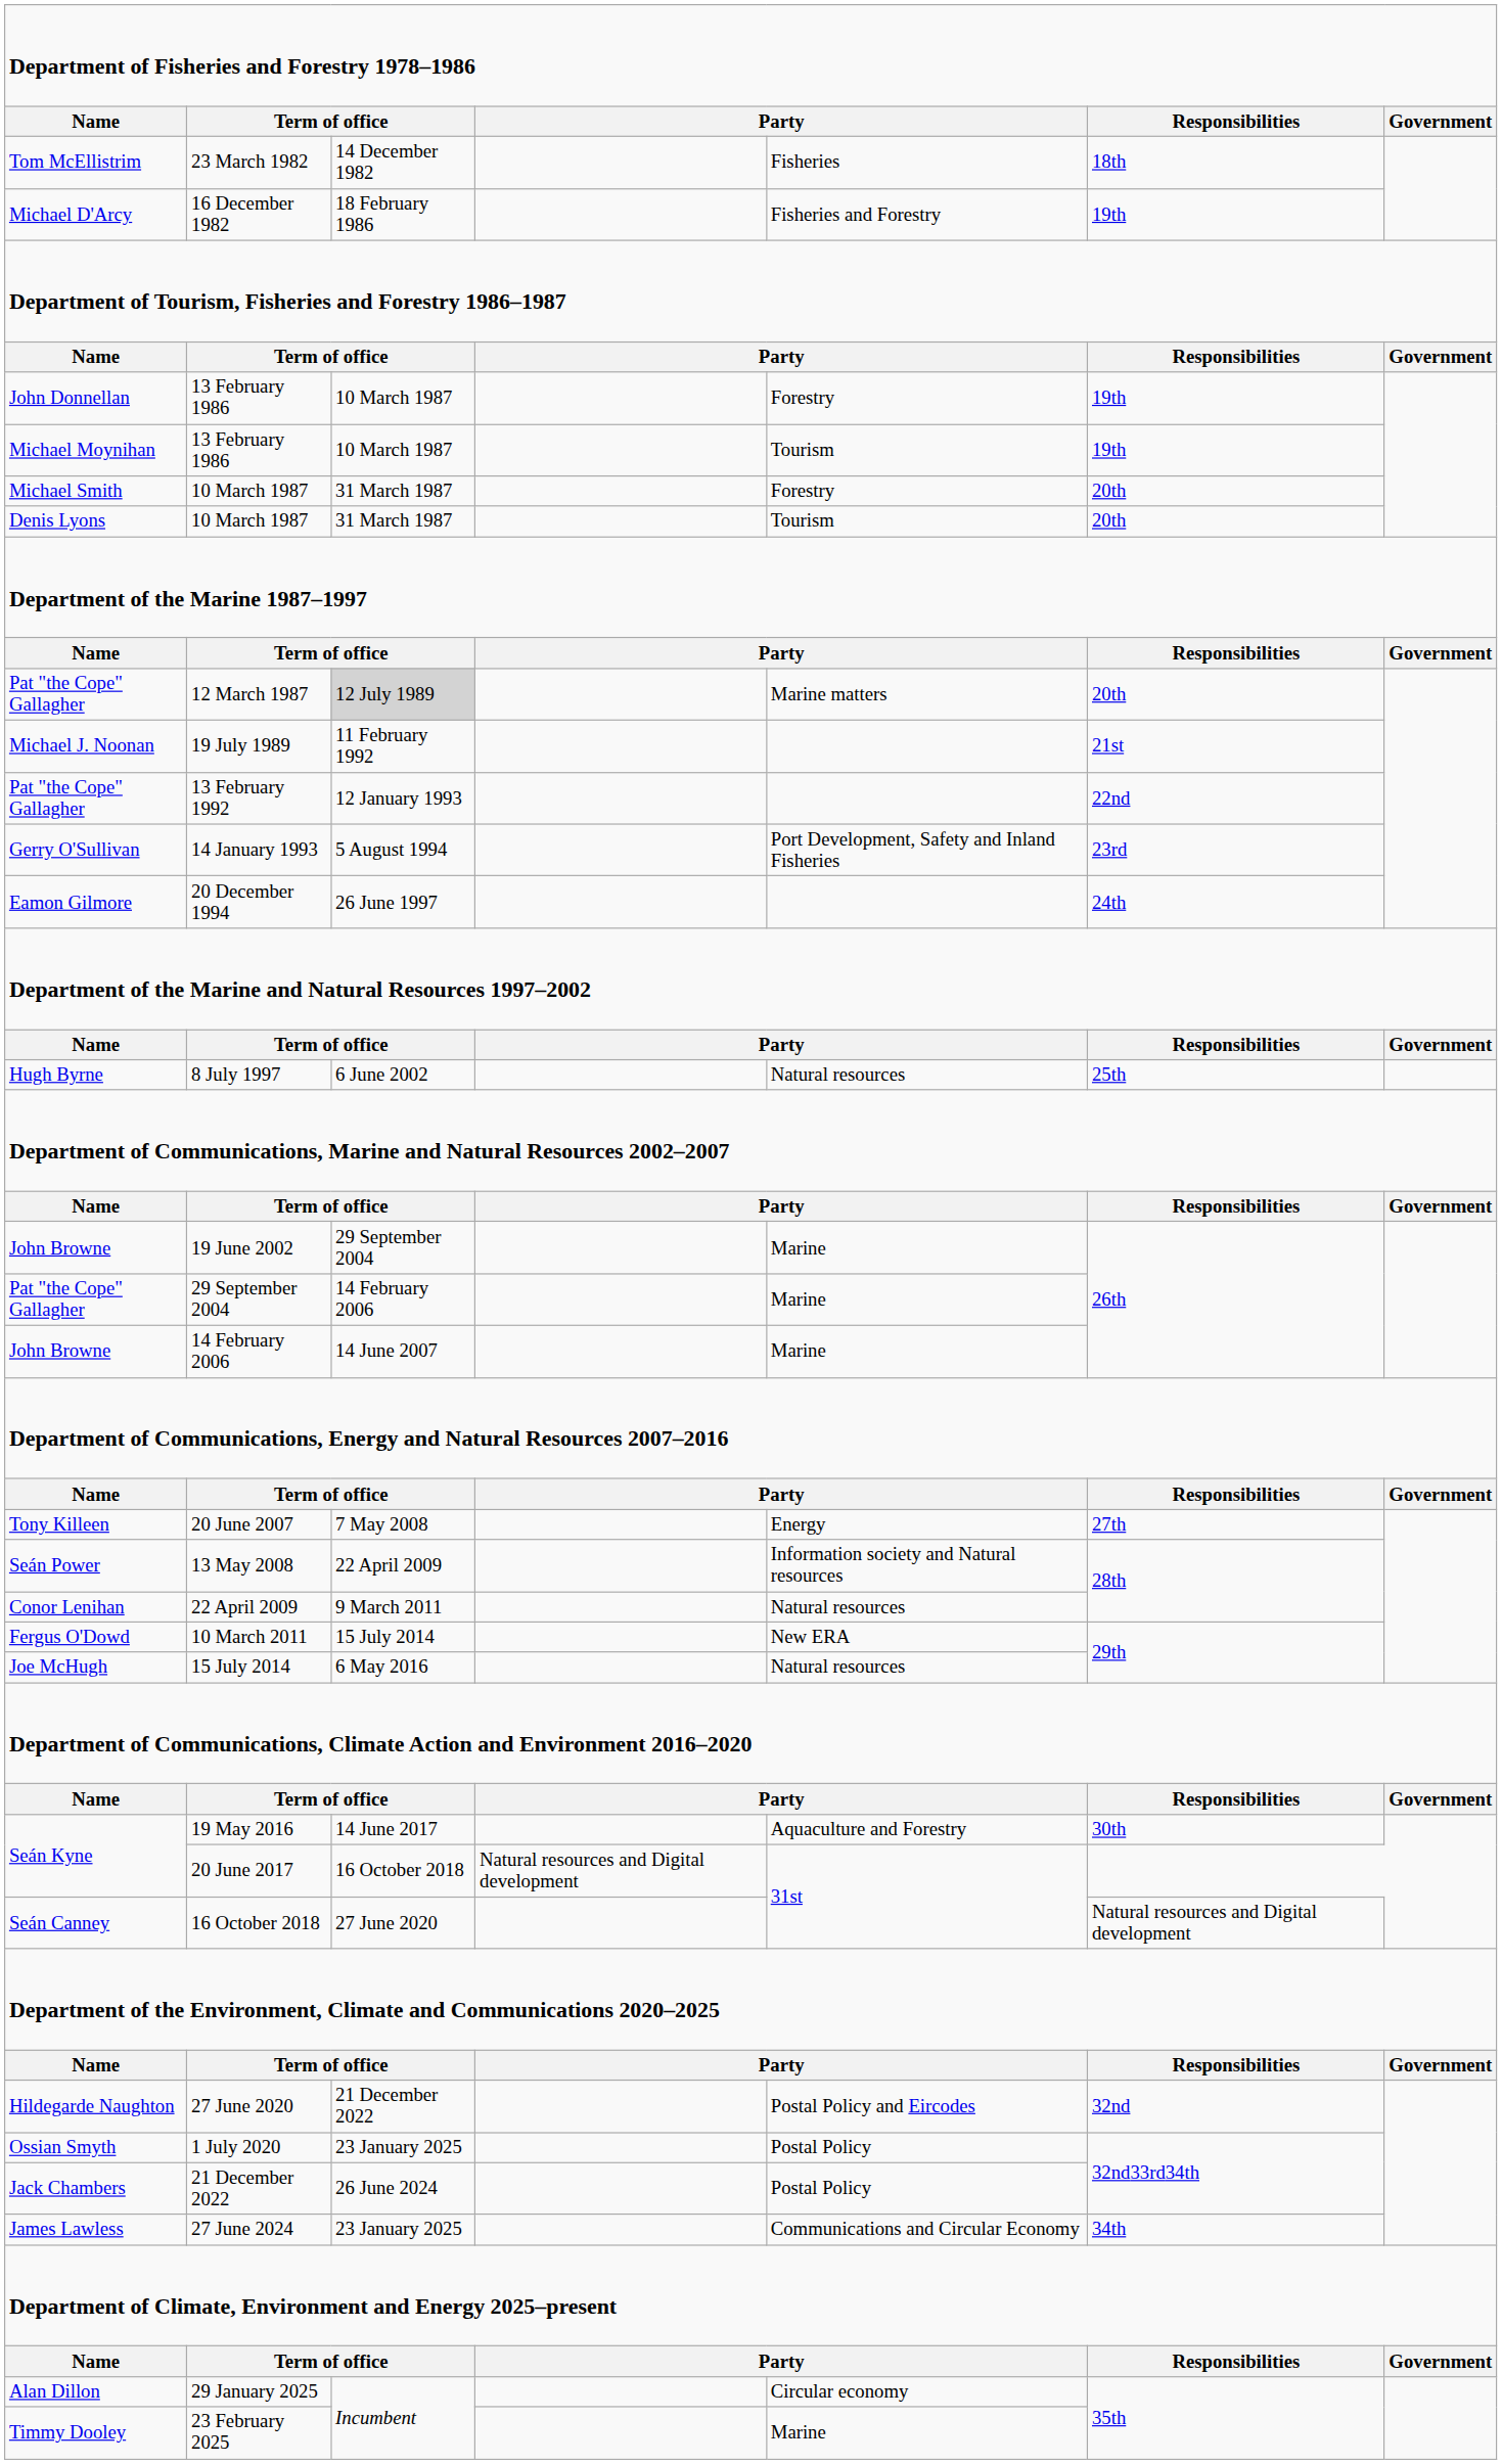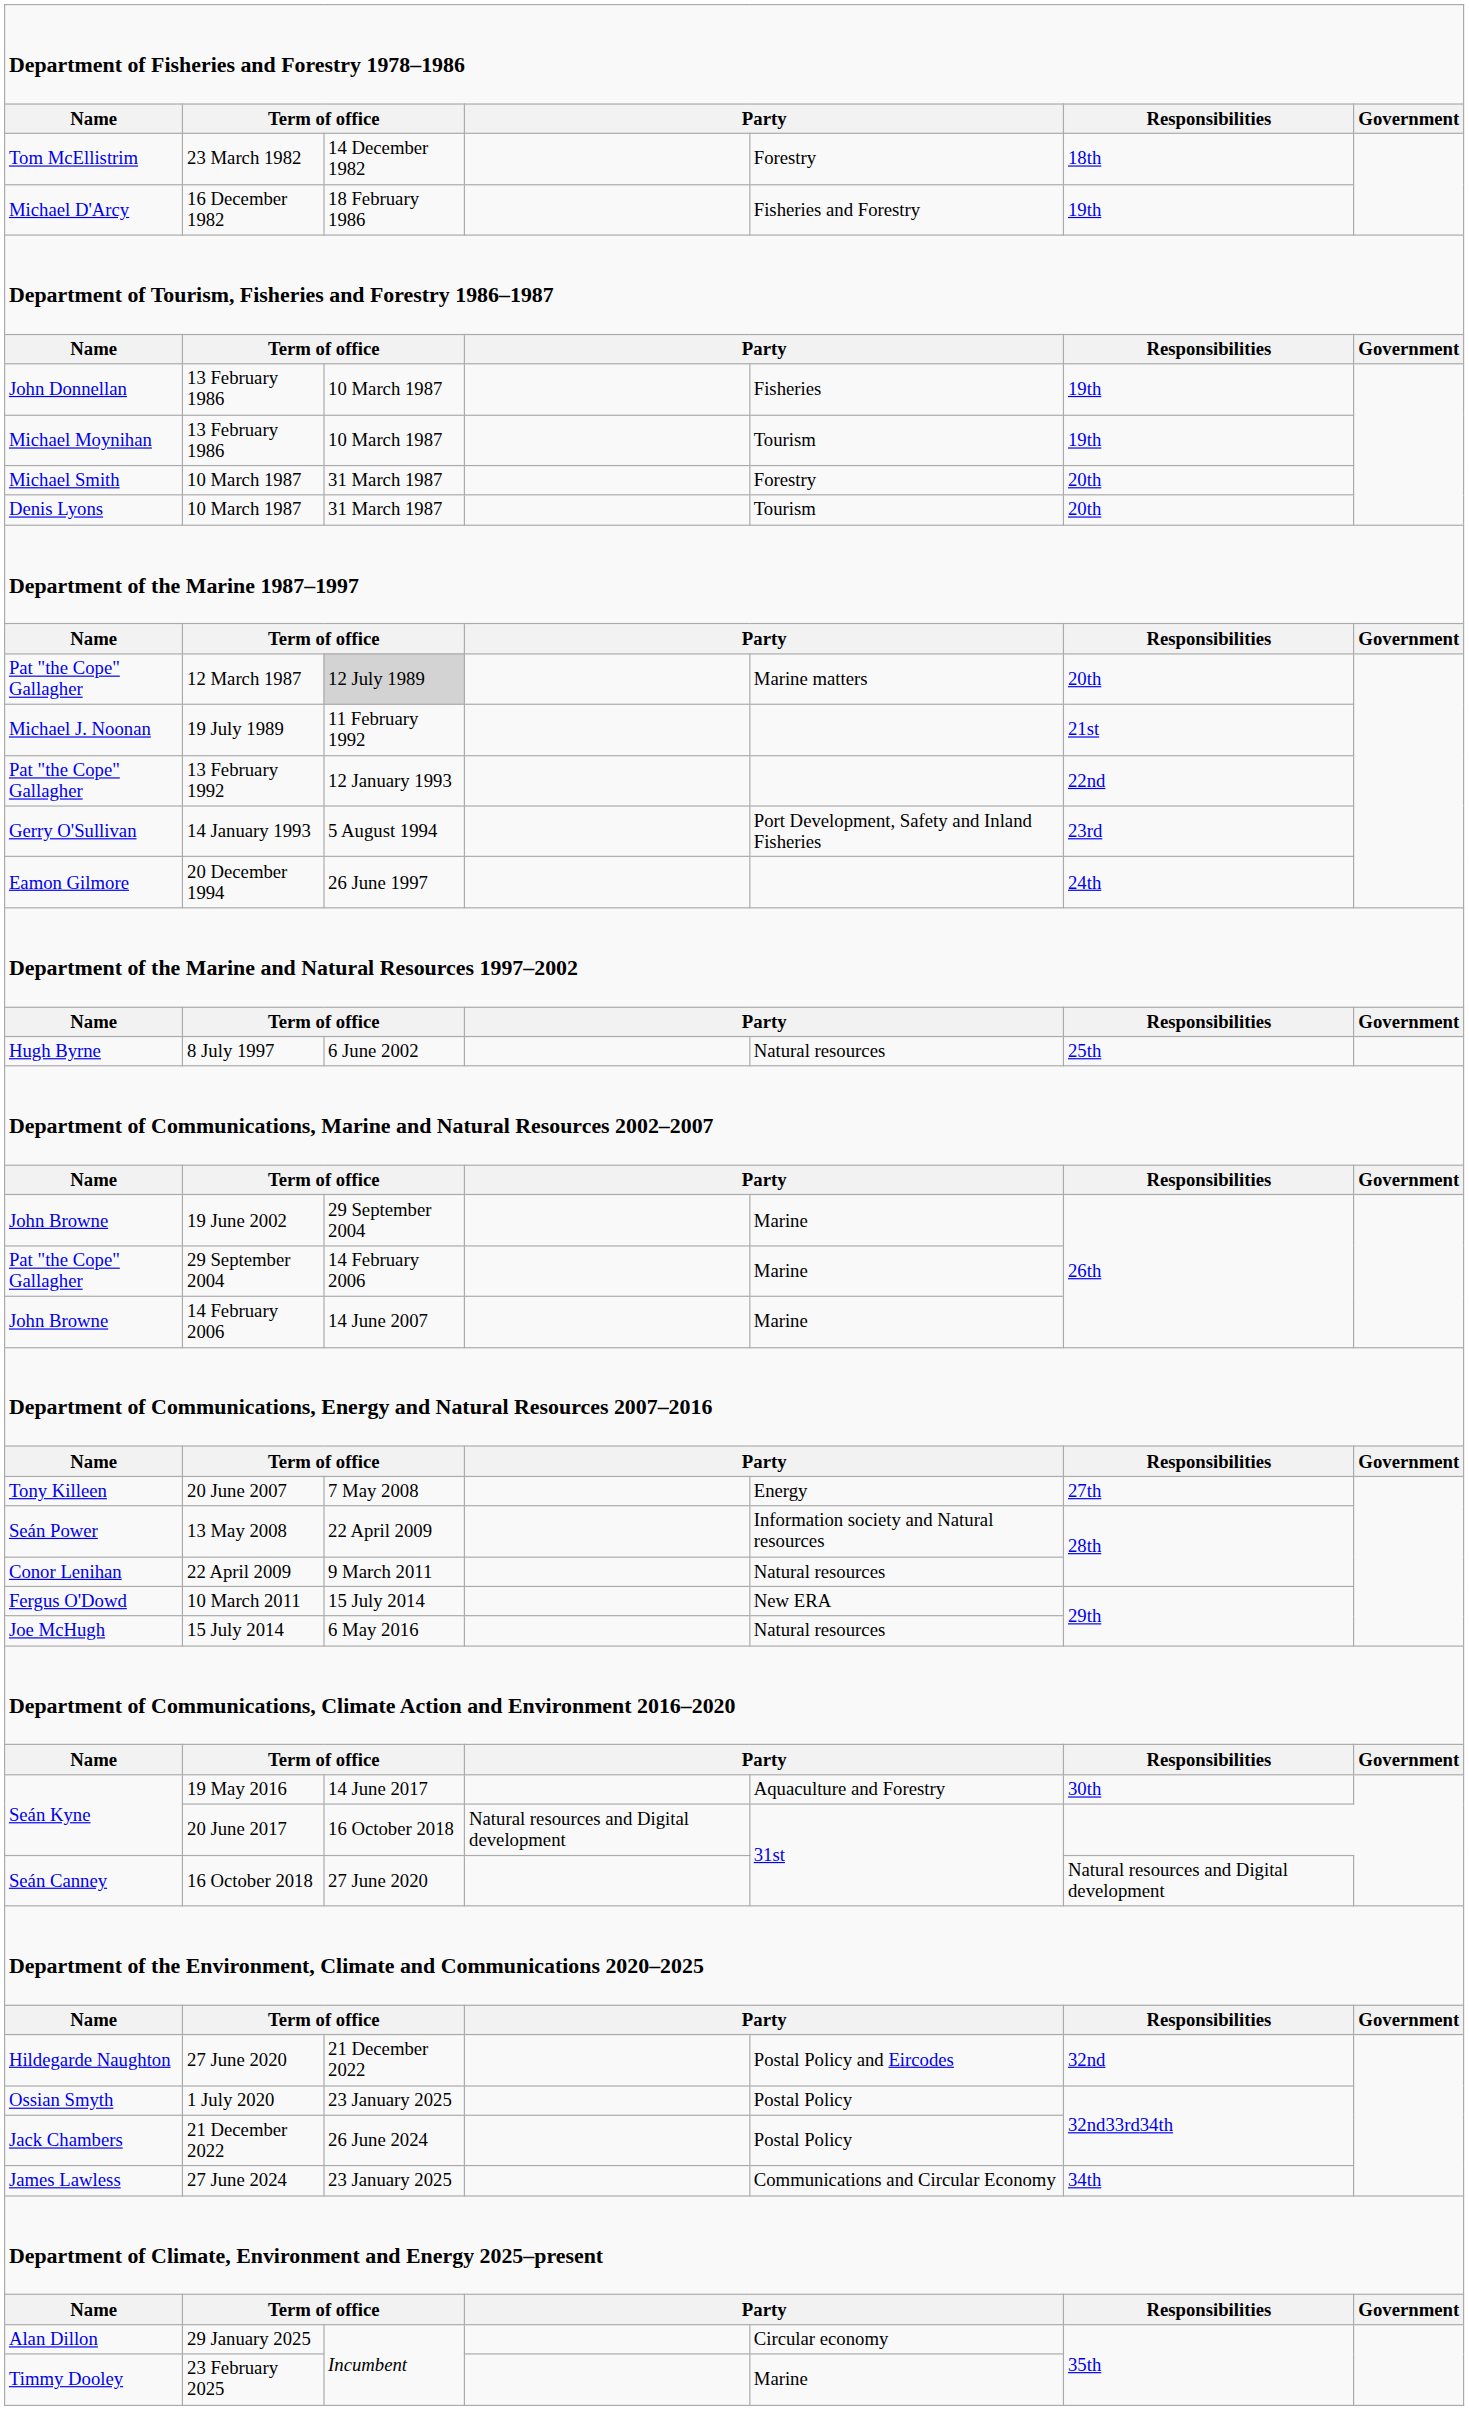 <table class="wikitable">
 <tr>
 <td colspan="7"><br><h3>Department of Fisheries and Forestry 1978–1986</h3></td>
 </tr>
 <tr>
 <th>Name</th>
 <th colspan="2">Term of office</th>
 <th colspan="2">Party</th>
 <th>Responsibilities</th>
 <th>Government</th>
 </tr>
 <tr>
 <td><a href='#'>Tom McEllistrim</a></td>
 <td>23 March 1982</td>
 <td>14 December 1982</td>
 <td></td>
-<td>Fisheries</td>
+<td>Forestry</td>
 <td><a href='#'>18th</a></td>
 </tr>
 <tr>
 <td><a href='#'>Michael D'Arcy</a></td>
 <td>16 December 1982</td>
 <td>18 February 1986</td>
 <td></td>
 <td>Fisheries and Forestry</td>
 <td><a href='#'>19th</a></td>
 </tr>
 <tr>
 <td colspan="7"><br><h3>Department of Tourism, Fisheries and Forestry 1986–1987</h3></td>
 </tr>
 <tr>
 <th>Name</th>
 <th colspan="2">Term of office</th>
 <th colspan="2">Party</th>
 <th>Responsibilities</th>
 <th>Government</th>
 </tr>
 <tr>
 <td><a href='#'>John Donnellan</a></td>
 <td>13 February 1986</td>
 <td>10 March 1987</td>
 <td></td>
-<td>Forestry</td>
+<td>Fisheries</td>
 <td><a href='#'>19th</a></td>
 </tr>
 <tr>
 <td><a href='#'>Michael Moynihan</a></td>
 <td>13 February 1986</td>
 <td>10 March 1987</td>
 <td></td>
 <td>Tourism</td>
 <td><a href='#'>19th</a></td>
 </tr>
 <tr>
 <td><a href='#'>Michael Smith</a></td>
 <td>10 March 1987</td>
 <td>31 March 1987</td>
 <td></td>
 <td>Forestry</td>
 <td><a href='#'>20th</a></td>
 </tr>
 <tr>
 <td><a href='#'>Denis Lyons</a></td>
 <td>10 March 1987</td>
 <td>31 March 1987</td>
 <td></td>
 <td>Tourism</td>
 <td><a href='#'>20th</a></td>
 </tr>
 <tr>
 <td colspan="7"><br><h3>Department of the Marine 1987–1997</h3></td>
 </tr>
 <tr>
 <th>Name</th>
 <th colspan="2">Term of office</th>
 <th colspan="2">Party</th>
 <th>Responsibilities</th>
 <th>Government</th>
 </tr>
 <tr>
 <td><a href='#'>Pat "the Cope" Gallagher</a></td>
 <td>12 March 1987</td>
 <td style="background: lightgrey;">12 July 1989</td>
 <td></td>
 <td>Marine matters</td>
 <td><a href='#'>20th</a></td>
 </tr>
 <tr>
 <td><a href='#'>Michael J. Noonan</a></td>
 <td>19 July 1989</td>
 <td>11 February 1992</td>
 <td></td>
 <td></td>
 <td><a href='#'>21st</a></td>
 </tr>
 <tr>
 <td><a href='#'>Pat "the Cope" Gallagher</a></td>
 <td>13 February 1992</td>
 <td>12 January 1993</td>
 <td></td>
 <td></td>
 <td><a href='#'>22nd</a></td>
 </tr>
 <tr>
 <td><a href='#'>Gerry O'Sullivan</a></td>
 <td>14 January 1993</td>
 <td>5 August 1994</td>
 <td></td>
 <td>Port Development, Safety and Inland Fisheries</td>
 <td><a href='#'>23rd</a></td>
 </tr>
 <tr>
 <td><a href='#'>Eamon Gilmore</a></td>
 <td>20 December 1994</td>
 <td>26 June 1997</td>
 <td></td>
 <td></td>
 <td><a href='#'>24th</a></td>
 </tr>
 <tr>
 <td colspan="7"><br><h3>Department of the Marine and Natural Resources 1997–2002</h3></td>
 </tr>
 <tr>
 <th>Name</th>
 <th colspan="2">Term of office</th>
 <th colspan="2">Party</th>
 <th>Responsibilities</th>
 <th>Government</th>
 </tr>
 <tr>
 <td><a href='#'>Hugh Byrne</a></td>
 <td>8 July 1997</td>
 <td>6 June 2002</td>
 <td></td>
 <td>Natural resources</td>
 <td><a href='#'>25th</a></td>
 </tr>
 <tr>
 <td colspan="7"><br><h3>Department of Communications, Marine and Natural Resources 2002–2007</h3></td>
 </tr>
 <tr>
 <th>Name</th>
 <th colspan="2">Term of office</th>
 <th colspan="2">Party</th>
 <th>Responsibilities</th>
 <th>Government</th>
 </tr>
 <tr>
 <td><a href='#'>John Browne</a></td>
 <td>19 June 2002</td>
 <td>29 September 2004</td>
 <td></td>
 <td>Marine</td>
 <td rowspan=3><a href='#'>26th</a></td>
 </tr>
 <tr>
 <td><a href='#'>Pat "the Cope" Gallagher</a></td>
 <td>29 September 2004</td>
 <td>14 February 2006</td>
 <td></td>
 <td>Marine</td>
 </tr>
 <tr>
 <td><a href='#'>John Browne</a></td>
 <td>14 February 2006</td>
 <td>14 June 2007</td>
 <td></td>
 <td>Marine</td>
 </tr>
 <tr>
 <td colspan="7"><br><h3>Department of Communications, Energy and Natural Resources 2007–2016</h3></td>
 </tr>
 <tr>
 <th>Name</th>
 <th colspan="2">Term of office</th>
 <th colspan="2">Party</th>
 <th>Responsibilities</th>
 <th>Government</th>
 </tr>
 <tr>
 <td><a href='#'>Tony Killeen</a></td>
 <td>20 June 2007</td>
 <td>7 May 2008</td>
 <td></td>
 <td>Energy</td>
 <td><a href='#'>27th</a></td>
 </tr>
 <tr>
 <td><a href='#'>Seán Power</a></td>
 <td>13 May 2008</td>
 <td>22 April 2009</td>
 <td></td>
 <td>Information society and Natural resources</td>
 <td rowspan=2><a href='#'>28th</a></td>
 </tr>
 <tr>
 <td><a href='#'>Conor Lenihan</a></td>
 <td>22 April 2009</td>
 <td>9 March 2011</td>
 <td></td>
 <td>Natural resources</td>
 </tr>
 <tr>
 <td><a href='#'>Fergus O'Dowd</a></td>
 <td>10 March 2011</td>
 <td>15 July 2014</td>
 <td></td>
 <td>New ERA</td>
 <td rowspan=2><a href='#'>29th</a></td>
 </tr>
 <tr>
 <td><a href='#'>Joe McHugh</a></td>
 <td>15 July 2014</td>
 <td>6 May 2016</td>
 <td></td>
 <td>Natural resources</td>
 </tr>
 <tr>
 <td colspan="7"><br><h3>Department of Communications, Climate Action and Environment 2016–2020</h3></td>
 </tr>
 <tr>
 <th>Name</th>
 <th colspan="2">Term of office</th>
 <th colspan="2">Party</th>
 <th>Responsibilities</th>
 <th>Government</th>
 </tr>
 <tr>
 <td rowspan=2><a href='#'>Seán Kyne</a></td>
 <td>19 May 2016</td>
 <td>14 June 2017</td>
 <td></td>
 <td>Aquaculture and Forestry</td>
 <td><a href='#'>30th</a></td>
 </tr>
 <tr>
 <td>20 June 2017</td>
 <td>16 October 2018</td>
 <td>Natural resources and Digital development</td>
 <td rowspan=2><a href='#'>31st</a></td>
 </tr>
 <tr>
 <td><a href='#'>Seán Canney</a></td>
 <td>16 October 2018</td>
 <td>27 June 2020</td>
 <td></td>
 <td>Natural resources and Digital development</td>
 </tr>
 <tr>
 <td colspan="7"><br><h3>Department of the Environment, Climate and Communications 2020–2025</h3></td>
 </tr>
 <tr>
 <th>Name</th>
 <th colspan="2">Term of office</th>
 <th colspan="2">Party</th>
 <th>Responsibilities</th>
 <th>Government</th>
 </tr>
 <tr>
 <td><a href='#'>Hildegarde Naughton</a></td>
 <td>27 June 2020</td>
 <td>21 December 2022</td>
 <td></td>
 <td>Postal Policy and <a href='#'>Eircodes</a></td>
 <td><a href='#'>32nd</a></td>
 </tr>
 <tr>
 <td><a href='#'>Ossian Smyth</a></td>
 <td>1 July 2020</td>
 <td>23 January 2025</td>
 <td></td>
 <td>Postal Policy</td>
 <td rowspan=2><a href='#'>32nd</a><a href='#'>33rd</a><a href='#'>34th</a></td>
 </tr>
 <tr>
 <td><a href='#'>Jack Chambers</a></td>
 <td>21 December 2022</td>
 <td>26 June 2024</td>
 <td></td>
 <td>Postal Policy</td>
 </tr>
 <tr>
 <td><a href='#'>James Lawless</a></td>
 <td>27 June 2024</td>
 <td>23 January 2025</td>
 <td></td>
 <td>Communications and Circular Economy</td>
 <td><a href='#'>34th</a></td>
 </tr>
 <tr>
 <td colspan="7"><br><h3>Department of Climate, Environment and Energy 2025–present</h3></td>
 </tr>
 <tr>
 <th>Name</th>
 <th colspan="2">Term of office</th>
 <th colspan="2">Party</th>
 <th>Responsibilities</th>
 <th>Government</th>
 </tr>
 <tr>
 <td><a href='#'>Alan Dillon</a></td>
 <td>29 January 2025</td>
 <td rowspan=2><em>Incumbent</em></td>
 <td></td>
 <td>Circular economy</td>
 <td rowspan=2><a href='#'>35th</a></td>
 </tr>
 <tr>
 <td><a href='#'>Timmy Dooley</a></td>
 <td>23 February 2025</td>
 <td></td>
 <td>Marine</td>
 </tr>
 </table>
